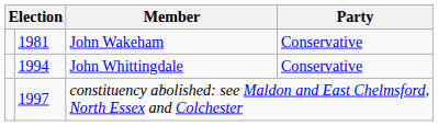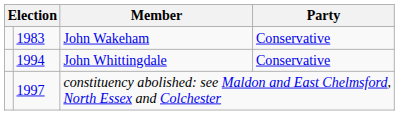 <table class="wikitable">
 <tr>
 <th colspan="2">Election</th>
 <th>Member </th>
 <th>Party</th>
 </tr>
 <tr>
 <td style="color:inherit;background:"></td>
-<td><a href='#'>1981</a></td>
+<td><a href='#'>1983</a></td>
 <td><a href='#'>John Wakeham</a></td>
 <td><a href='#'>Conservative</a></td>
 </tr>
 <tr>
 <td style="color:inherit;background:"></td>
 <td><a href='#'>1994</a></td>
 <td><a href='#'>John Whittingdale</a></td>
 <td><a href='#'>Conservative</a></td>
 </tr>
 <tr>
 <td></td>
 <td><a href='#'>1997</a></td>
 <td colspan="2"><em>constituency abolished: see <a href='#'>Maldon and East Chelmsford</a>, <br><a href='#'>North Essex</a> and <a href='#'>Colchester</a></em></td>
 </tr>
 </table>
